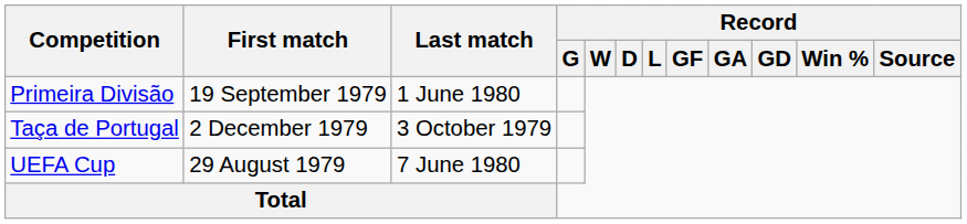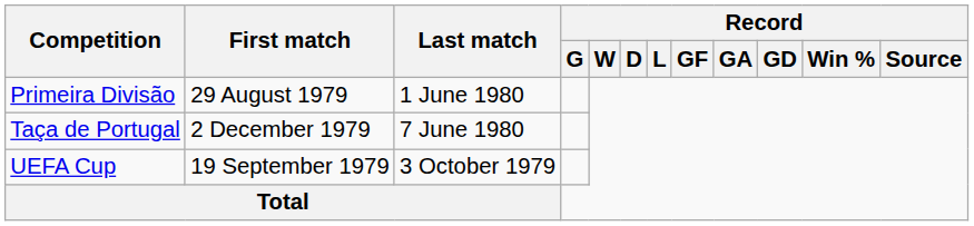 <table class="wikitable" style="text-align: center">
 <tr>
 <th rowspan="2">Competition</th>
 <th rowspan="2">First match</th>
 <th rowspan="2">Last match</th>
 <th colspan="9">Record</th>
 </tr>
 <tr>
 <th>G</th>
 <th>W</th>
 <th>D</th>
 <th>L</th>
 <th>GF</th>
 <th>GA</th>
 <th>GD</th>
 <th>Win %</th>
 <th>Source</th>
 </tr>
 <tr>
 <td align=left><a href='#'>Primeira Divisão</a></td>
-<td align=left>19 September 1979</td>
+<td align=left>29 August 1979</td>
 <td align=left>1 June 1980<br></td>
 <td align=left></td>
 </tr>
 <tr>
 <td align=left><a href='#'>Taça de Portugal</a></td>
 <td align=left>2 December 1979</td>
-<td align=left>3 October 1979<br></td>
+<td align=left>7 June 1980<br></td>
 <td align=left></td>
 </tr>
 <tr>
 <td align=left><a href='#'>UEFA Cup</a></td>
-<td align=left>29 August 1979</td>
-<td align=left>7 June 1980<br></td>
+<td align=left>19 September 1979</td>
+<td align=left>3 October 1979<br></td>
 <td align=left></td>
 </tr>
 <tr>
 <th colspan="3">Total<br></th>
 </tr>
 </table>
